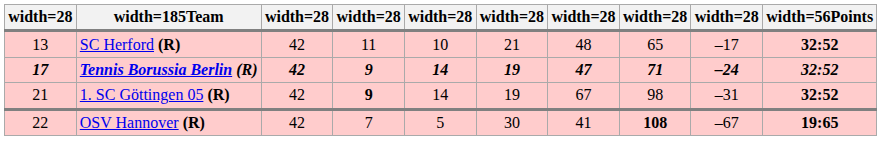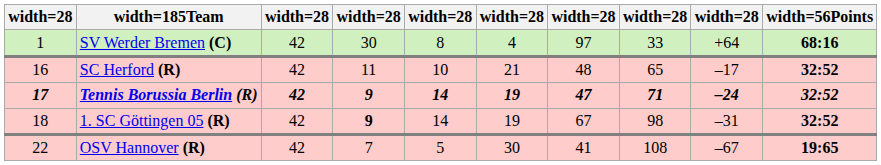 <table class="wikitable">
 <tr align="center" bgcolor="dfdfdf">
 </tr>
 <tr>
 <th>width=28<br></th>
 <th>width=185Team<br></th>
 <th>width=28<br></th>
 <th>width=28<br></th>
 <th>width=28<br></th>
 <th>width=28<br></th>
 <th>width=28<br></th>
 <th>width=28<br></th>
 <th>width=28<br></th>
 <th>width=56Points<br></th>
 </tr>
+<tr align="center" valign="top" bgcolor="D0F0C0">
+<td>1</td>
+<td align="left"><a href='#'>SV Werder Bremen</a> <strong>(C)</strong></td>
+<td>42</td>
+<td>30</td>
+<td>8</td>
+<td>4</td>
+<td>97</td>
+<td>33</td>
+<td>+64</td>
+<td><strong>68:16</strong></td>
+</tr>
 <tr align="center" valign="top" bgcolor="#FFCCCC" style="border-top:3px solid grey;">
-<td>13</td>
+<td>16</td>
 <td align="left"><a href='#'>SC Herford</a> <strong>(R)</strong></td>
 <td>42</td>
 <td>11</td>
 <td>10</td>
 <td>21</td>
 <td>48</td>
 <td>65</td>
 <td>–17</td>
 <td><strong>32:52</strong></td>
 </tr>
 <tr align="center" valign="top" bgcolor="#FFCCCC">
 <td><strong><em>17</em></strong></td>
 <td align="left"><strong><em><a href='#'>Tennis Borussia Berlin</a> (R)</em></strong></td>
 <td><strong><em>42</em></strong></td>
 <td><strong><em>9</em></strong></td>
 <td><strong><em>14</em></strong></td>
 <td><strong><em>19</em></strong></td>
 <td><strong><em>47</em></strong></td>
 <td><strong><em>71</em></strong></td>
 <td><strong><em>–24</em></strong></td>
 <td><strong><em>32:52</em></strong></td>
 </tr>
 <tr align="center" valign="top" bgcolor="#FFCCCC">
-<td>21</td>
+<td>18</td>
 <td align="left"><a href='#'>1. SC Göttingen 05</a> <strong>(R)</strong></td>
 <td>42</td>
 <td><strong>9</strong></td>
 <td>14</td>
 <td>19</td>
 <td>67</td>
 <td>98</td>
 <td>–31</td>
 <td><strong>32:52</strong></td>
 </tr>
 <tr align="center" valign="top" bgcolor="#FFCCCC" style="border-top:3px solid grey;">
 <td>22</td>
 <td align="left"><a href='#'>OSV Hannover</a> <strong>(R)</strong></td>
 <td>42</td>
 <td>7</td>
 <td>5</td>
 <td>30</td>
 <td>41</td>
-<td><strong>108</strong></td>
+<td>108</td>
 <td>–67</td>
 <td><strong>19:65</strong></td>
 </tr>
 </table>
